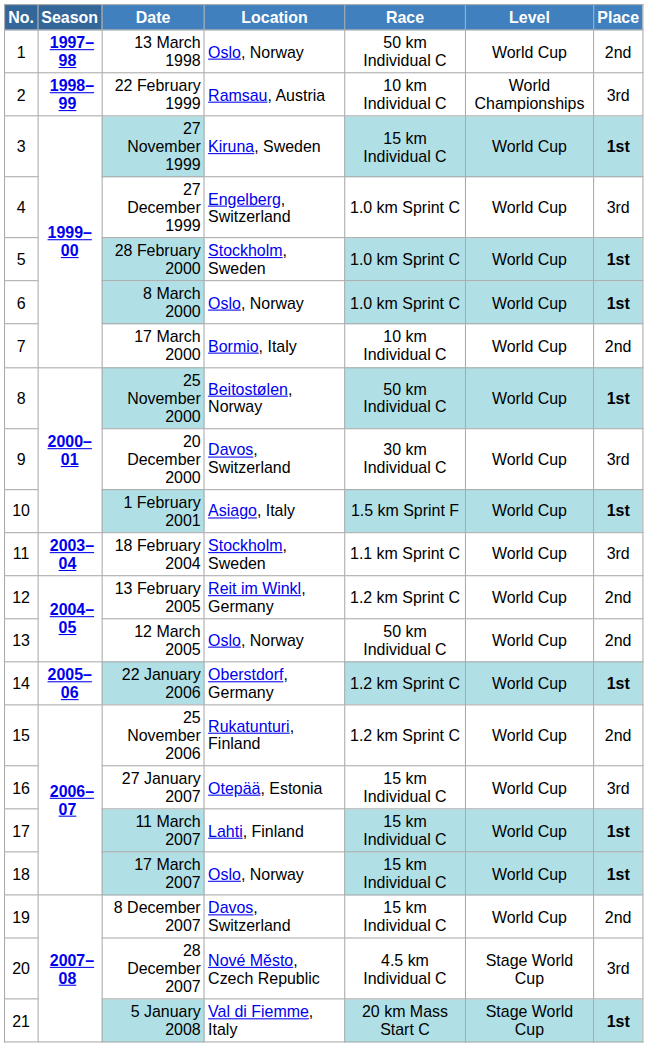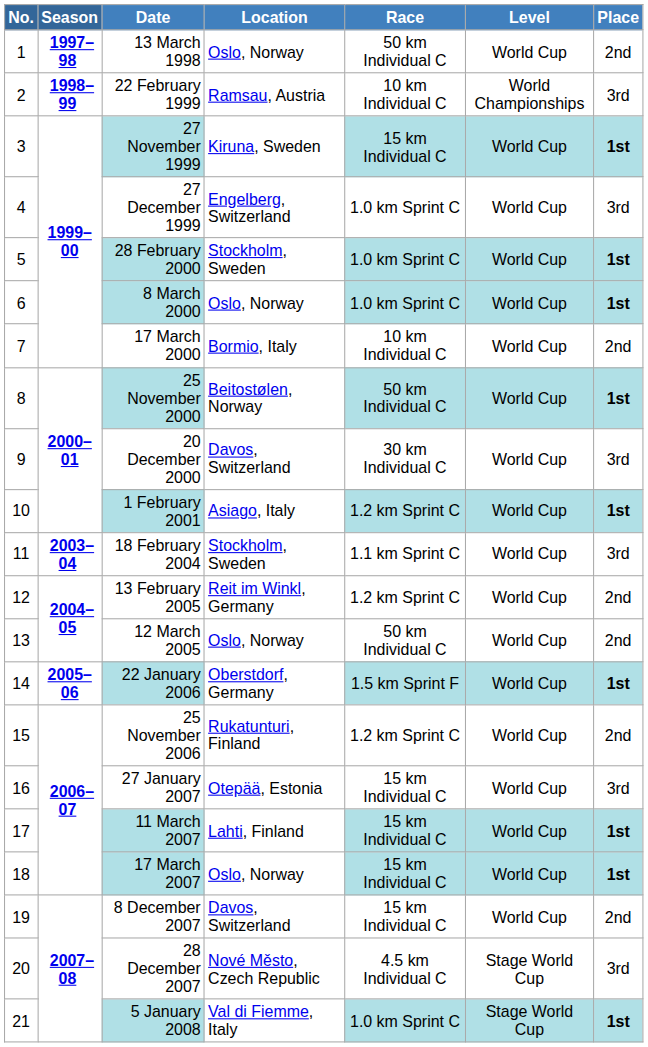 <table class="wikitable sortable" style="font-size:95%; text-align:center; border:grey solid 1px; border-collapse:collapse; background:#ffffff;">
 <tr style="background:#efefef;">
 <th style="background-color:#369; color:white;">No.</th>
 <th style="background-color:#369; color:white;">Season</th>
 <th style="background-color:#4180be; color:white; width:120px;">Date</th>
 <th style="background-color:#4180be; color:white; width:190px;">Location</th>
 <th style="background-color:#4180be; color:white; width:170px;">Race</th>
 <th style="background-color:#4180be; color:white; width:130px;">Level</th>
 <th style="background-color:#4180be; color:white;">Place</th>
 </tr>
 <tr>
 <td align=center>1</td>
 <td rowspan=1 align=center><strong> <a href='#'>1997–98</a> </strong></td>
 <td align=right>13 March 1998</td>
 <td align=left> <a href='#'>Oslo</a>, Norway</td>
 <td>50 km Individual C</td>
 <td>World Cup</td>
 <td>2nd</td>
 </tr>
 <tr>
 <td align=center>2</td>
 <td rowspan=1 align=center><strong> <a href='#'>1998–99</a> </strong></td>
 <td align=right>22 February 1999</td>
 <td align=left> <a href='#'>Ramsau</a>, Austria</td>
 <td>10 km Individual C</td>
 <td>World Championships</td>
 <td>3rd</td>
 </tr>
 <tr>
 <td align=center>3</td>
 <td rowspan=5 align=center><strong><a href='#'>1999–00</a></strong></td>
 <td bgcolor="#BOEOE6" align=right>27 November 1999</td>
 <td align=left> <a href='#'>Kiruna</a>, Sweden</td>
 <td bgcolor="#BOEOE6">15 km Individual C</td>
 <td bgcolor="#BOEOE6">World Cup</td>
 <td bgcolor="#BOEOE6"><strong>1st</strong></td>
 </tr>
 <tr>
 <td align=center>4</td>
 <td align=right>27 December 1999</td>
 <td align=left> <a href='#'>Engelberg</a>, Switzerland</td>
 <td>1.0 km Sprint C</td>
 <td>World Cup</td>
 <td>3rd</td>
 </tr>
 <tr>
 <td align=center>5</td>
 <td bgcolor="#BOEOE6" align=right>28 February 2000</td>
 <td align=left> <a href='#'>Stockholm</a>, Sweden</td>
 <td bgcolor="#BOEOE6">1.0 km Sprint C</td>
 <td bgcolor="#BOEOE6">World Cup</td>
 <td bgcolor="#BOEOE6"><strong>1st</strong></td>
 </tr>
 <tr>
 <td align=center>6</td>
 <td bgcolor="#BOEOE6" align=right>8 March 2000</td>
 <td align=left> <a href='#'>Oslo</a>, Norway</td>
 <td bgcolor="#BOEOE6">1.0 km Sprint C</td>
 <td bgcolor="#BOEOE6">World Cup</td>
 <td bgcolor="#BOEOE6"><strong>1st</strong></td>
 </tr>
 <tr>
 <td align=center>7</td>
 <td align=right>17 March 2000</td>
 <td align=left> <a href='#'>Bormio</a>, Italy</td>
 <td>10 km Individual C</td>
 <td>World Cup</td>
 <td>2nd</td>
 </tr>
 <tr>
 <td align=center>8</td>
 <td rowspan=3 align=center><strong><a href='#'>2000–01</a></strong></td>
 <td bgcolor="#BOEOE6" align=right>25 November 2000</td>
 <td align=left> <a href='#'>Beitostølen</a>, Norway</td>
 <td bgcolor="#BOEOE6">50 km Individual C</td>
 <td bgcolor="#BOEOE6">World Cup</td>
 <td bgcolor="#BOEOE6"><strong>1st</strong></td>
 </tr>
 <tr>
 <td align=center>9</td>
 <td align=right>20 December 2000</td>
 <td align=left> <a href='#'>Davos</a>, Switzerland</td>
 <td>30 km Individual C</td>
 <td>World Cup</td>
 <td>3rd</td>
 </tr>
 <tr>
 <td align=center>10</td>
 <td bgcolor="#BOEOE6" align=right>1 February 2001</td>
 <td align=left> <a href='#'>Asiago</a>, Italy</td>
-<td bgcolor="#BOEOE6">1.5 km Sprint F</td>
+<td bgcolor="#BOEOE6">1.2 km Sprint C</td>
 <td bgcolor="#BOEOE6">World Cup</td>
 <td bgcolor="#BOEOE6"><strong>1st</strong></td>
 </tr>
 <tr>
 <td align=center>11</td>
 <td rowspan=1 align=center><strong> <a href='#'>2003–04</a> </strong></td>
 <td align=right>18 February 2004</td>
 <td align=left> <a href='#'>Stockholm</a>, Sweden</td>
 <td>1.1 km Sprint C</td>
 <td>World Cup</td>
 <td>3rd</td>
 </tr>
 <tr>
 <td align=center>12</td>
 <td rowspan=2 align=center><strong> <a href='#'>2004–05</a> </strong></td>
 <td align=right>13 February 2005</td>
 <td align=left> <a href='#'>Reit im Winkl</a>, Germany</td>
 <td>1.2 km Sprint C</td>
 <td>World Cup</td>
 <td>2nd</td>
 </tr>
 <tr>
 <td align=center>13</td>
 <td align=right>12 March 2005</td>
 <td align=left> <a href='#'>Oslo</a>, Norway</td>
 <td>50 km Individual C</td>
 <td>World Cup</td>
 <td>2nd</td>
 </tr>
 <tr>
 <td align=center>14</td>
 <td rowspan=1 align=center><strong><a href='#'>2005–06</a></strong></td>
 <td bgcolor="#BOEOE6" align=right>22 January 2006</td>
 <td align=left> <a href='#'>Oberstdorf</a>, Germany</td>
-<td bgcolor="#BOEOE6">1.2 km Sprint C</td>
+<td bgcolor="#BOEOE6">1.5 km Sprint F</td>
 <td bgcolor="#BOEOE6">World Cup</td>
 <td bgcolor="#BOEOE6"><strong>1st</strong></td>
 </tr>
 <tr>
 <td align=center>15</td>
 <td rowspan=4 align=center><strong> <a href='#'>2006–07</a> </strong></td>
 <td align=right>25 November 2006</td>
 <td align=left> <a href='#'>Rukatunturi</a>, Finland</td>
 <td>1.2 km Sprint C</td>
 <td>World Cup</td>
 <td>2nd</td>
 </tr>
 <tr>
 <td align=center>16</td>
 <td align=right>27 January 2007</td>
 <td align=left> <a href='#'>Otepää</a>, Estonia</td>
 <td>15 km Individual C</td>
 <td>World Cup</td>
 <td>3rd</td>
 </tr>
 <tr>
 <td align=center>17</td>
 <td bgcolor="#BOEOE6" align=right>11 March 2007</td>
 <td align=left> <a href='#'>Lahti</a>, Finland</td>
 <td bgcolor="#BOEOE6">15 km Individual C</td>
 <td bgcolor="#BOEOE6">World Cup</td>
 <td bgcolor="#BOEOE6"><strong>1st</strong></td>
 </tr>
 <tr>
 <td align=center>18</td>
 <td bgcolor="#BOEOE6" align=right>17 March 2007</td>
 <td align=left> <a href='#'>Oslo</a>, Norway</td>
 <td bgcolor="#BOEOE6">15 km Individual C</td>
 <td bgcolor="#BOEOE6">World Cup</td>
 <td bgcolor="#BOEOE6"><strong>1st</strong></td>
 </tr>
 <tr>
 <td align=center>19</td>
 <td rowspan=3 align=center><strong> <a href='#'>2007–08</a> </strong></td>
 <td align=right>8 December 2007</td>
 <td align=left> <a href='#'>Davos</a>, Switzerland</td>
 <td>15 km Individual C</td>
 <td>World Cup</td>
 <td>2nd</td>
 </tr>
 <tr>
 <td align=center>20</td>
 <td align=right>28 December 2007</td>
 <td align=left> <a href='#'>Nové Město</a>, Czech Republic</td>
 <td>4.5 km Individual C</td>
 <td>Stage World Cup</td>
 <td>3rd</td>
 </tr>
 <tr>
 <td align=center>21</td>
 <td bgcolor="#BOEOE6" align=right>5 January 2008</td>
 <td align=left> <a href='#'>Val di Fiemme</a>, Italy</td>
-<td bgcolor="#BOEOE6">20 km Mass Start C</td>
+<td bgcolor="#BOEOE6">1.0 km Sprint C</td>
 <td bgcolor="#BOEOE6">Stage World Cup</td>
 <td bgcolor="#BOEOE6"><strong>1st</strong></td>
 </tr>
 </table>
